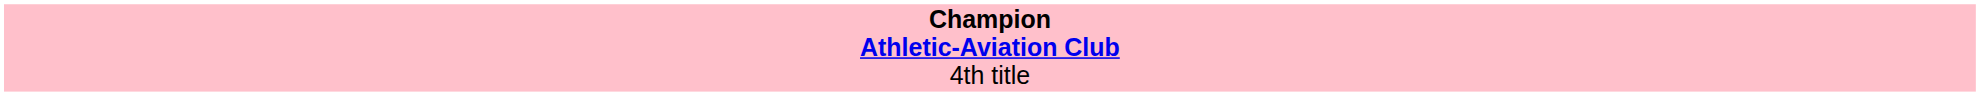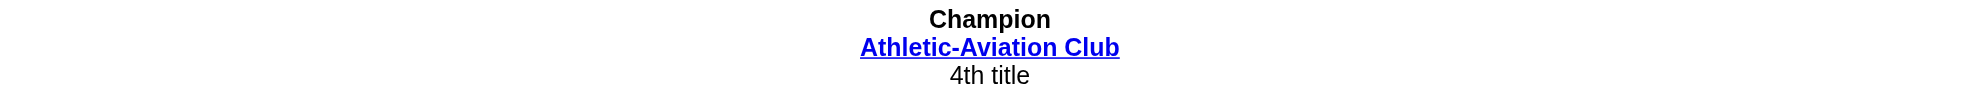 <table cellspacing=0 width=100%>
 <tr>
 <td align=center></td>
 </tr>
 <tr>
 <td align=center></td>
 </tr>
 <tr>
-<td align=center style="background: pink;"><strong>Champion<br><a href='#'>Athletic-Aviation Club</a></strong><br>4th title</td>
+<td align=center><strong>Champion<br><a href='#'>Athletic-Aviation Club</a></strong><br>4th title</td>
 </tr>
 </table>
